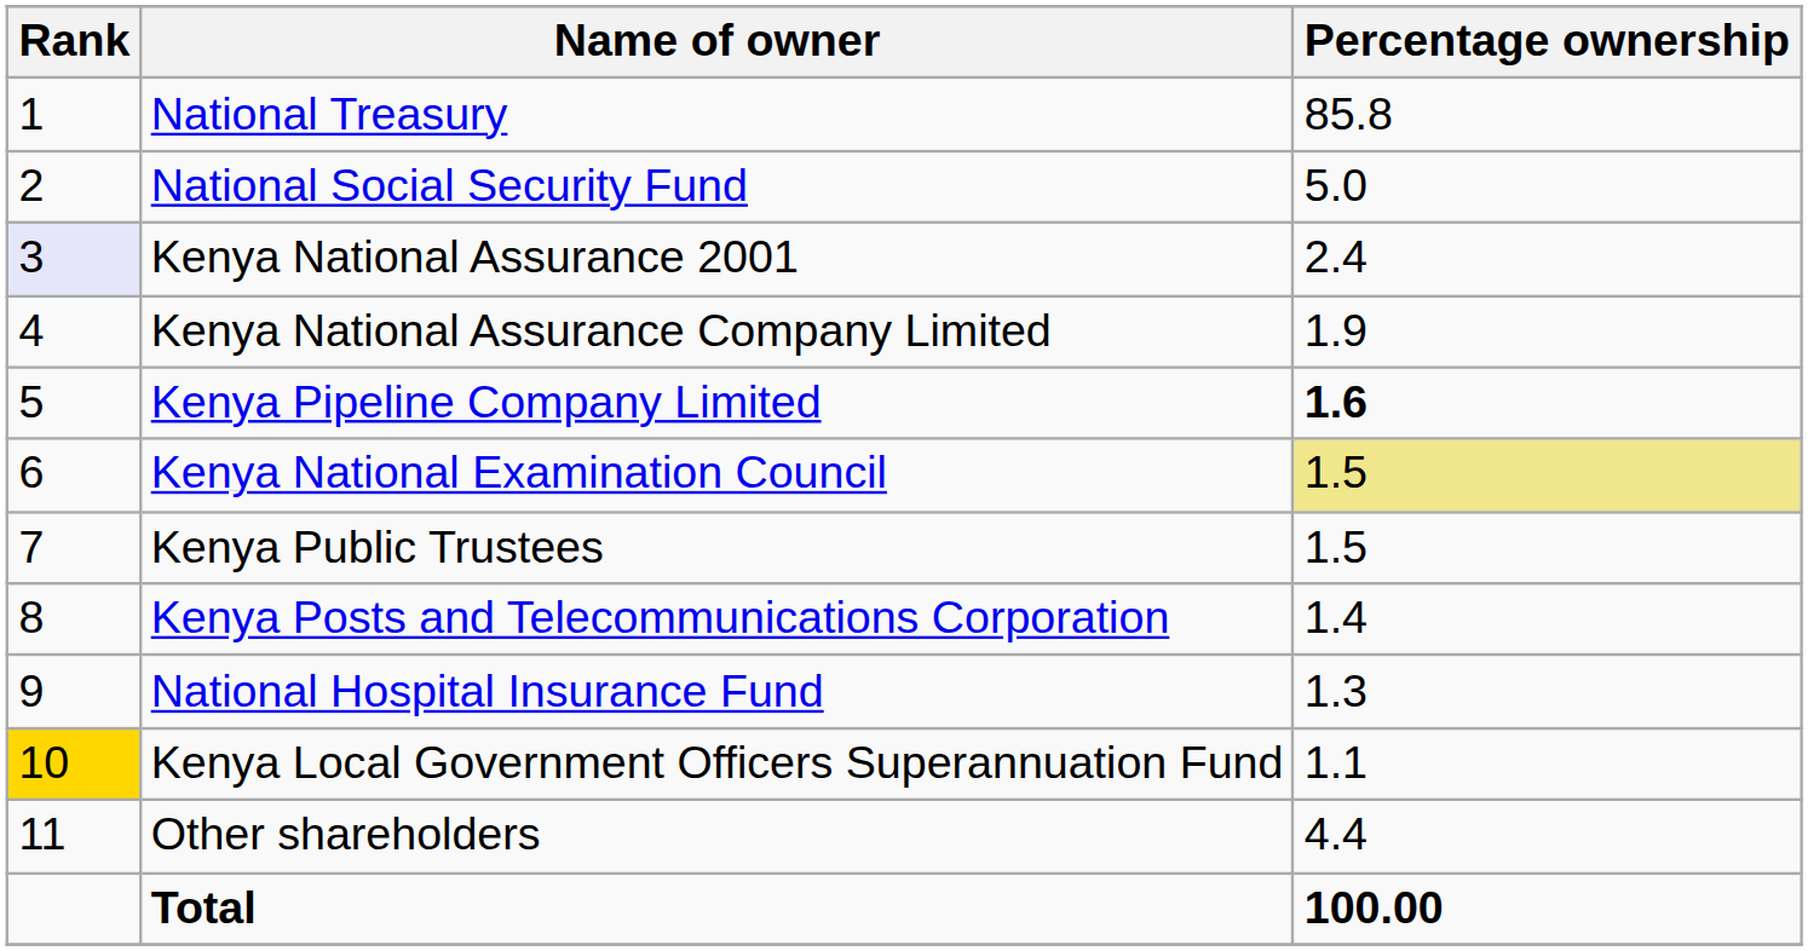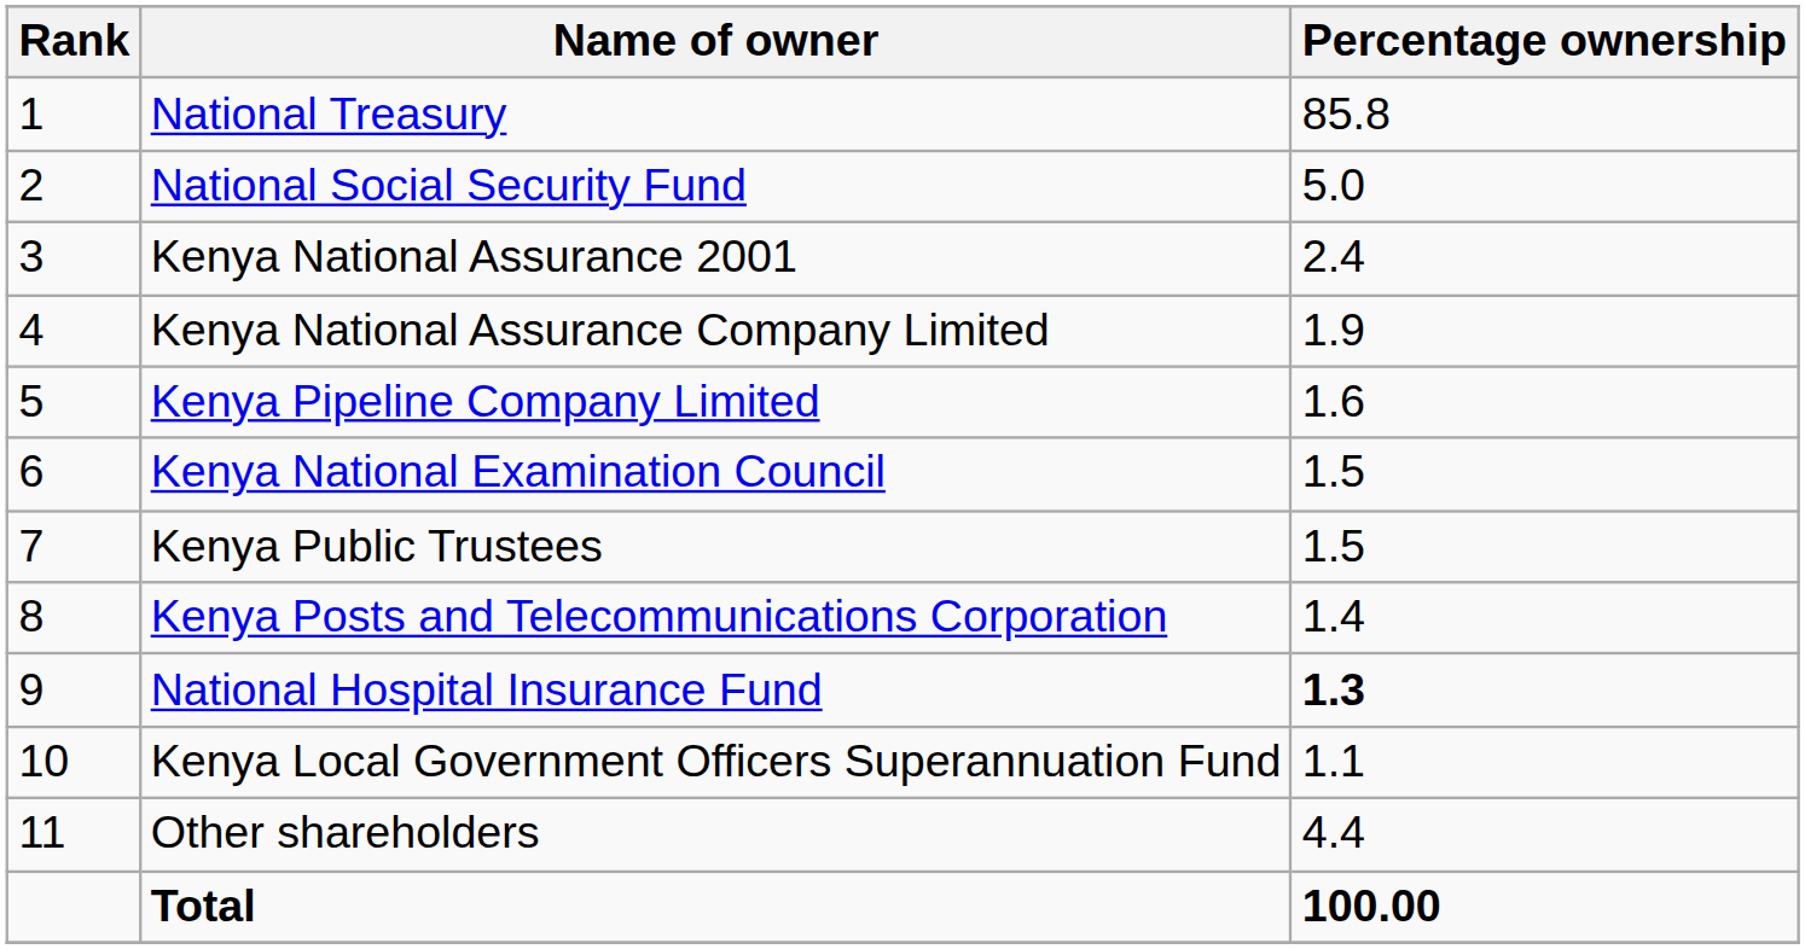 <table class="wikitable sortable" style="margin:0.5em auto">
 <tr>
 </tr>
 <tr>
 <th>Rank</th>
 <th>Name of owner</th>
 <th>Percentage ownership</th>
 </tr>
 <tr>
 <td>1</td>
 <td><a href='#'>National Treasury</a></td>
 <td>85.8</td>
 </tr>
 <tr>
 <td>2</td>
 <td><a href='#'>National Social Security Fund</a></td>
 <td>5.0</td>
 </tr>
 <tr>
-<td style="background: lavender;">3</td>
+<td>3</td>
 <td>Kenya National Assurance 2001</td>
 <td>2.4</td>
 </tr>
 <tr>
 <td>4</td>
 <td>Kenya National Assurance Company Limited</td>
 <td>1.9</td>
 </tr>
 <tr>
 <td>5</td>
 <td><a href='#'>Kenya Pipeline Company Limited</a></td>
-<td><strong>1.6</strong></td>
+<td>1.6</td>
 </tr>
 <tr>
 <td>6</td>
 <td><a href='#'>Kenya National Examination Council</a></td>
-<td style="background: khaki;">1.5</td>
+<td>1.5</td>
 </tr>
 <tr>
 <td>7</td>
 <td>Kenya Public Trustees</td>
 <td>1.5</td>
 </tr>
 <tr>
 <td>8</td>
 <td><a href='#'>Kenya Posts and Telecommunications Corporation</a></td>
 <td>1.4</td>
 </tr>
 <tr>
 <td>9</td>
 <td><a href='#'>National Hospital Insurance Fund</a></td>
-<td>1.3</td>
+<td><strong>1.3</strong></td>
 </tr>
 <tr>
-<td style="background: gold;">10</td>
+<td>10</td>
 <td>Kenya Local Government Officers Superannuation Fund</td>
 <td>1.1</td>
 </tr>
 <tr>
 <td>11</td>
 <td>Other shareholders</td>
 <td>4.4</td>
 </tr>
 <tr>
 <td></td>
 <td><strong>Total</strong></td>
 <td><strong>100.00</strong></td>
 </tr>
 <tr>
 </tr>
 </table>
